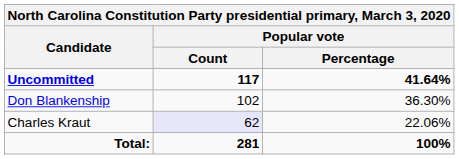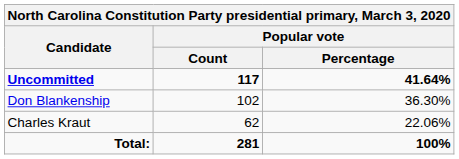 <table class="wikitable" style=" font-size:95%;">
 <tr>
 <th colspan="3">North Carolina Constitution Party presidential primary, March 3, 2020</th>
 </tr>
 <tr>
 <th rowspan="2" style="width:160px;">Candidate</th>
 <th colspan="2" style="width:75px;">Popular vote</th>
 </tr>
 <tr>
 <th>Count</th>
 <th>Percentage</th>
 </tr>
 <tr align="right" >
 <td style="text-align:left;"> <strong><a href='#'>Uncommitted</a></strong></td>
 <td><strong>117</strong></td>
 <td><strong>41.64%</strong></td>
 </tr>
 <tr style="text-align:right;">
 <td style="text-align:left;"><a href='#'>Don Blankenship</a></td>
 <td>102</td>
 <td>36.30%</td>
 </tr>
 <tr style="text-align:right;">
 <td style="text-align:left;">Charles Kraut</td>
-<td style="background: lavender;">62</td>
+<td>62</td>
 <td>22.06%</td>
 </tr>
 <tr style="text-align:right;">
 <td><strong>Total:</strong></td>
 <td><strong>281</strong></td>
 <td><strong>100%</strong></td>
 </tr>
 </table>
